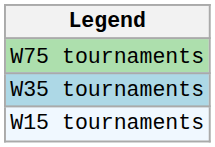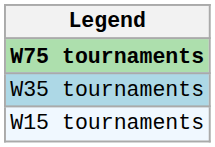 <table class="wikitable" style="font-size:85%">
 <tr>
 <th>Legend</th>
 </tr>
 <tr bgcolor="#addfad">
-<td>W75 tournaments</td>
+<td><strong>W75 tournaments</strong></td>
 </tr>
 <tr style="background:lightblue;">
 <td>W35 tournaments</td>
 </tr>
 <tr bgcolor="#f0f8ff">
 <td>W15 tournaments</td>
 </tr>
 </table>
